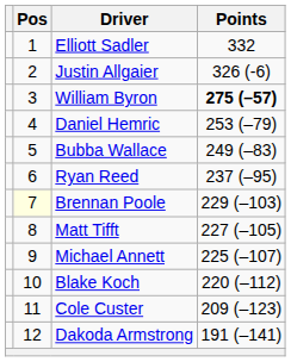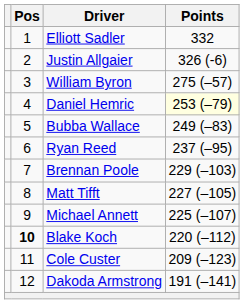 <table class="wikitable" style="font-size: 95%;">
 <tr>
 <th></th>
 <th>Pos</th>
 <th>Driver</th>
 <th>Points</th>
 </tr>
 <tr>
 <td align="left"></td>
 <td style="text-align:center;">1</td>
 <td><a href='#'>Elliott Sadler</a></td>
 <td style="text-align:center;">332</td>
 </tr>
 <tr>
 <td align="left"></td>
 <td style="text-align:center;">2</td>
 <td><a href='#'>Justin Allgaier</a></td>
 <td style="text-align:center;">326 (-6)</td>
 </tr>
 <tr>
 <td align="left"></td>
 <td style="text-align:center;">3</td>
 <td><a href='#'>William Byron</a></td>
-<td style="text-align:center;"><strong>275 (–57)</strong></td>
+<td style="text-align:center;">275 (–57)</td>
 </tr>
 <tr>
 <td align="left"></td>
 <td style="text-align:center;">4</td>
 <td><a href='#'>Daniel Hemric</a></td>
-<td style="text-align:center;">253 (–79)</td>
+<td style="background: lightyellow; text-align:center;">253 (–79)</td>
 </tr>
 <tr>
 <td align="left"></td>
 <td style="text-align:center;">5</td>
 <td><a href='#'>Bubba Wallace</a></td>
 <td style="text-align:center;">249 (–83)</td>
 </tr>
 <tr>
 <td align="left"></td>
 <td style="text-align:center;">6</td>
 <td><a href='#'>Ryan Reed</a></td>
 <td style="text-align:center;">237 (–95)</td>
 </tr>
 <tr>
 <td align="left"></td>
-<td style="background: lightyellow; text-align:center;">7</td>
+<td style="text-align:center;">7</td>
 <td><a href='#'>Brennan Poole</a></td>
 <td style="text-align:center;">229 (–103)</td>
 </tr>
 <tr>
 <td align="left"></td>
 <td style="text-align:center;">8</td>
 <td><a href='#'>Matt Tifft</a></td>
 <td style="text-align:center;">227 (–105)</td>
 </tr>
 <tr>
 <td align="left"></td>
 <td style="text-align:center;">9</td>
 <td><a href='#'>Michael Annett</a></td>
 <td style="text-align:center;">225 (–107)</td>
 </tr>
 <tr>
 <td align="left"></td>
-<td style="text-align:center;">10</td>
+<td style="text-align:center;"><strong>10</strong></td>
 <td><a href='#'>Blake Koch</a></td>
 <td style="text-align:center;">220 (–112)</td>
 </tr>
 <tr>
 <td align="left"></td>
 <td style="text-align:center;">11</td>
 <td><a href='#'>Cole Custer</a></td>
 <td style="text-align:center;">209 (–123)</td>
 </tr>
 <tr>
 <td align="left"></td>
 <td style="text-align:center;">12</td>
 <td><a href='#'>Dakoda Armstrong</a></td>
 <td style="text-align:center;">191 (–141)</td>
 </tr>
 <tr class="sortbottom">
 <th colspan="9"></th>
 </tr>
 </table>
